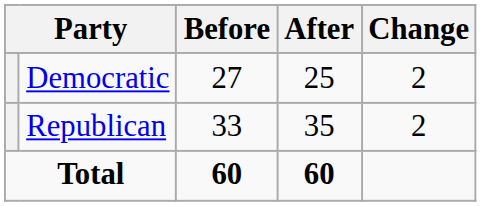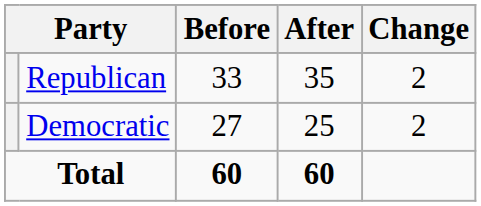 <table class="wikitable" style="text-align:center;">
 <tr>
 <th colspan="2">Party</th>
 <th>Before</th>
 <th>After</th>
 <th>Change</th>
 </tr>
 <tr>
 <th style="background-color:"></th>
-<td style="text-align:left;"><a href='#'>Democratic</a></td>
-<td>27</td>
-<td>25</td>
+<td style="text-align:left;"><a href='#'>Republican</a></td>
+<td>33</td>
+<td>35</td>
 <td> 2</td>
 </tr>
 <tr>
 <th style="background-color:"></th>
-<td style="text-align:left;"><a href='#'>Republican</a></td>
-<td>33</td>
-<td>35</td>
+<td style="text-align:left;"><a href='#'>Democratic</a></td>
+<td>27</td>
+<td>25</td>
 <td> 2</td>
 </tr>
 <tr>
 <td colspan="2"><strong>Total</strong></td>
 <td><strong>60</strong></td>
 <td><strong>60</strong></td>
 <td></td>
 </tr>
 </table>
